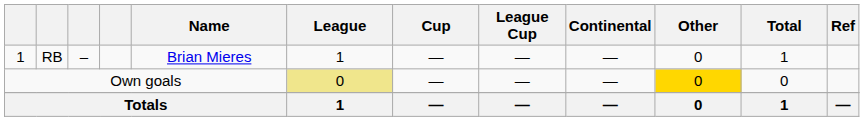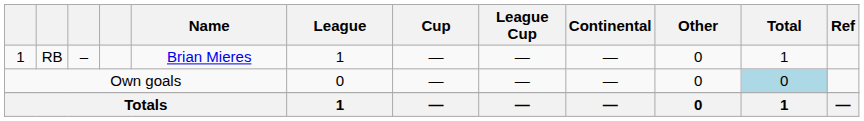 <table class="wikitable sortable" style="font-size: 95%; text-align: center;">
 <tr>
 <th style="width:25px; background:#; color:;"></th>
 <th style="width:25px; background:#; color:;"></th>
 <th style="width:25px; background:#; color:;"></th>
 <th style="width:25px; background:#; color:;"></th>
 <th style="width:150px; background:#; color:;">Name</th>
 <th style="width:100px; background:#; color:;">League</th>
 <th style="width:80px; background:#; color:;">Cup</th>
 <th style="width:80px; background:#; color:;">League Cup</th>
 <th style="width:80px; background:#; color:;">Continental</th>
 <th style="width:80px; background:#; color:;">Other</th>
 <th style="width:80px; background:#; color:;">Total</th>
 <th style="width:10px; background:#; color:;">Ref</th>
 </tr>
 <tr>
 <td>1</td>
 <td>RB</td>
 <td>–</td>
 <td></td>
 <td data-sort-value="Mieres, Brian"><a href='#'>Brian Mieres</a></td>
 <td>1</td>
 <td>—</td>
 <td>—</td>
 <td>—</td>
 <td>0</td>
 <td>1</td>
 <td></td>
 </tr>
 <tr>
 <td colspan="5">Own goals</td>
-<td style="background: khaki;">0</td>
+<td>0</td>
 <td>—</td>
 <td>—</td>
 <td>—</td>
-<td style="background: gold;">0</td>
 <td>0</td>
+<td style="background: lightblue;">0</td>
 <td></td>
 </tr>
 <tr>
 </tr>
 <tr class="sortbottom">
 </tr>
 <tr class="sortbottom">
 <th colspan=5>Totals</th>
 <th>1</th>
 <th>—</th>
 <th>—</th>
 <th>—</th>
 <th>0</th>
 <th>1</th>
 <th>—</th>
 </tr>
 </table>
